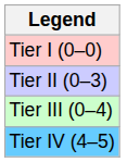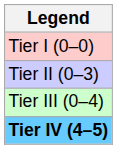 <table class="wikitable sortable">
 <tr>
 <th>Legend</th>
 </tr>
 <tr bgcolor="#FFCCCC">
 <td>Tier I (0–0)</td>
 </tr>
 <tr bgcolor="#CCCCFF">
 <td>Tier II (0–3)</td>
 </tr>
 <tr bgcolor="#CCFFCC">
 <td>Tier III (0–4)</td>
 </tr>
 <tr bgcolor="#66CCFF">
-<td>Tier IV (4–5)</td>
+<td><strong>Tier IV (4–5)</strong></td>
 </tr>
 </table>
